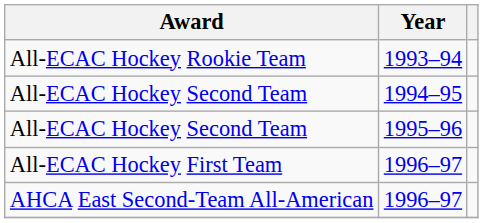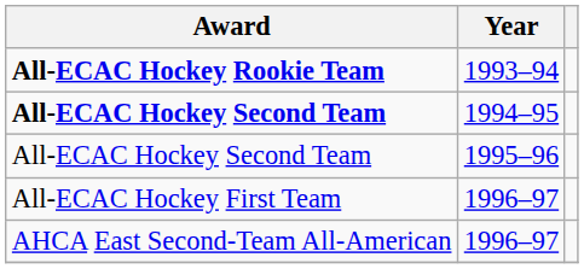 <table class="wikitable">
 <tr>
 <th>Award</th>
 <th>Year</th>
 <th></th>
 </tr>
 <tr>
-<td>All-<a href='#'>ECAC Hockey</a> <a href='#'>Rookie Team</a></td>
+<td><strong>All-<a href='#'>ECAC Hockey</a> <a href='#'>Rookie Team</a></strong></td>
 <td><a href='#'>1993–94</a></td>
 <td></td>
 </tr>
 <tr>
-<td>All-<a href='#'>ECAC Hockey</a> <a href='#'>Second Team</a></td>
+<td><strong>All-<a href='#'>ECAC Hockey</a> <a href='#'>Second Team</a></strong></td>
 <td><a href='#'>1994–95</a></td>
 <td></td>
 </tr>
 <tr>
 <td>All-<a href='#'>ECAC Hockey</a> <a href='#'>Second Team</a></td>
 <td><a href='#'>1995–96</a></td>
 <td></td>
 </tr>
 <tr>
 <td>All-<a href='#'>ECAC Hockey</a> <a href='#'>First Team</a></td>
 <td><a href='#'>1996–97</a></td>
 <td></td>
 </tr>
 <tr>
 <td><a href='#'>AHCA</a> <a href='#'>East Second-Team All-American</a></td>
 <td><a href='#'>1996–97</a></td>
 <td></td>
 </tr>
 <tr>
 </tr>
 </table>
